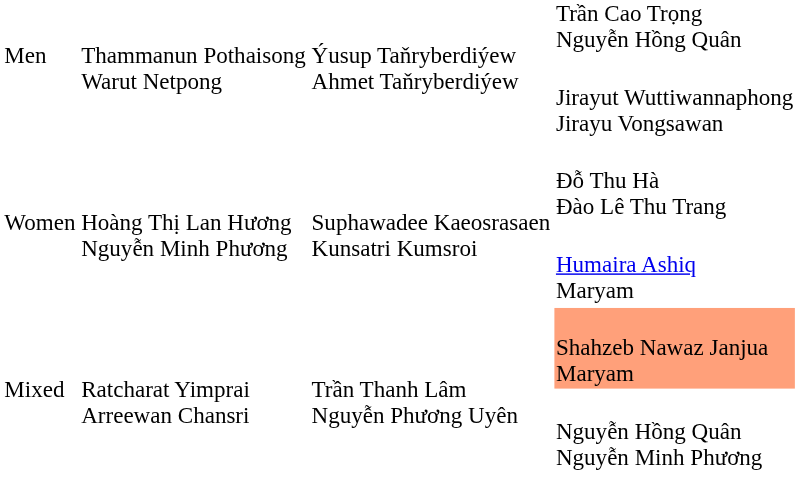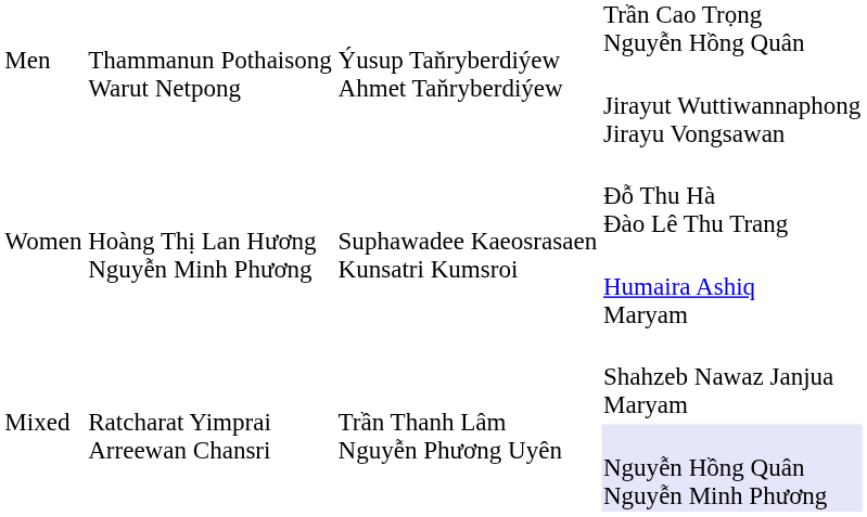 <table>
 <tr>
 <td rowspan=2>Men</td>
 <td rowspan=2><br>Thammanun Pothaisong<br>Warut Netpong</td>
 <td rowspan=2><br>Ýusup Taňryberdiýew<br>Ahmet Taňryberdiýew</td>
 <td><br>Trần Cao Trọng<br>Nguyễn Hồng Quân</td>
 </tr>
 <tr>
 <td><br>Jirayut Wuttiwannaphong<br>Jirayu Vongsawan</td>
 </tr>
 <tr>
 <td rowspan=2>Women</td>
 <td rowspan=2><br>Hoàng Thị Lan Hương<br>Nguyễn Minh Phương</td>
 <td rowspan=2><br>Suphawadee Kaeosrasaen<br>Kunsatri Kumsroi</td>
 <td><br>Đỗ Thu Hà<br>Đào Lê Thu Trang</td>
 </tr>
 <tr>
 <td><br><a href='#'>Humaira Ashiq</a><br>Maryam</td>
 </tr>
 <tr>
 <td rowspan=2>Mixed</td>
 <td rowspan=2><br>Ratcharat Yimprai<br>Arreewan Chansri</td>
 <td rowspan=2><br>Trần Thanh Lâm<br>Nguyễn Phương Uyên</td>
-<td style="background: lightsalmon;"><br>Shahzeb Nawaz Janjua<br>Maryam</td>
+<td><br>Shahzeb Nawaz Janjua<br>Maryam</td>
 </tr>
 <tr>
-<td><br>Nguyễn Hồng Quân<br>Nguyễn Minh Phương</td>
+<td style="background: lavender;"><br>Nguyễn Hồng Quân<br>Nguyễn Minh Phương</td>
 </tr>
 </table>
